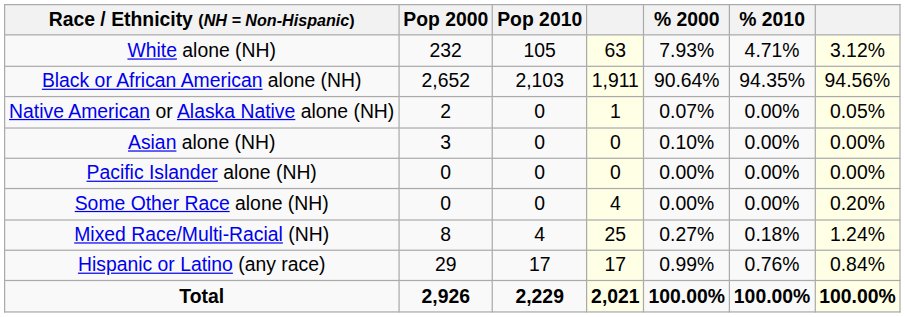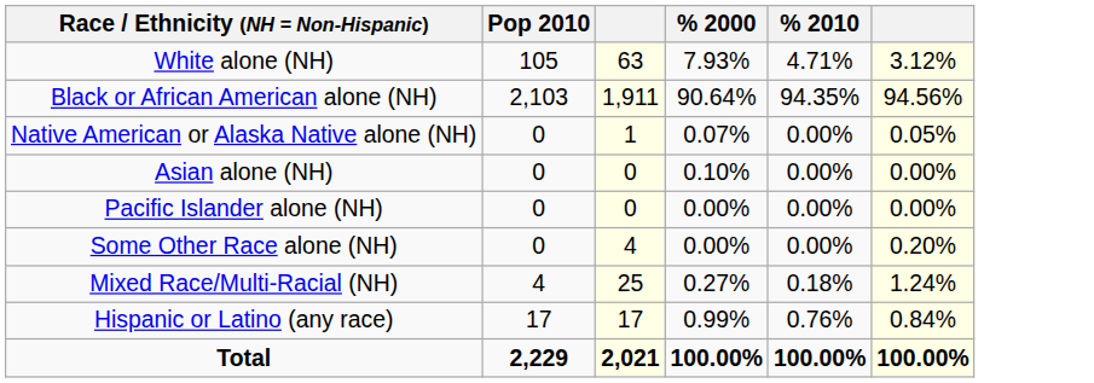 <table class="wikitable" style="text-align:center;">
 <tr>
 <th>Race / Ethnicity <small>(<em>NH = Non-Hispanic</em>)</small></th>
-<th>Pop 2000</th>
 <th>Pop 2010</th>
 <th></th>
 <th>% 2000</th>
 <th>% 2010</th>
 <th></th>
 </tr>
 <tr>
 <td><a href='#'>White</a> alone (NH)</td>
-<td>232</td>
 <td>105</td>
 <td style='background: #ffffe6;'>63</td>
 <td>7.93%</td>
 <td>4.71%</td>
 <td style='background: #ffffe6;'>3.12%</td>
 </tr>
 <tr>
 <td><a href='#'>Black or African American</a> alone (NH)</td>
-<td>2,652</td>
 <td>2,103</td>
 <td style='background: #ffffe6;'>1,911</td>
 <td>90.64%</td>
 <td>94.35%</td>
 <td style='background: #ffffe6;'>94.56%</td>
 </tr>
 <tr>
 <td><a href='#'>Native American</a> or <a href='#'>Alaska Native</a> alone (NH)</td>
-<td>2</td>
 <td>0</td>
 <td style='background: #ffffe6;'>1</td>
 <td>0.07%</td>
 <td>0.00%</td>
 <td style='background: #ffffe6;'>0.05%</td>
 </tr>
 <tr>
 <td><a href='#'>Asian</a> alone (NH)</td>
-<td>3</td>
 <td>0</td>
 <td style='background: #ffffe6;'>0</td>
 <td>0.10%</td>
 <td>0.00%</td>
 <td style='background: #ffffe6;'>0.00%</td>
 </tr>
 <tr>
 <td><a href='#'>Pacific Islander</a> alone (NH)</td>
 <td>0</td>
-<td>0</td>
 <td style='background: #ffffe6;'>0</td>
 <td>0.00%</td>
 <td>0.00%</td>
 <td style='background: #ffffe6;'>0.00%</td>
 </tr>
 <tr>
 <td><a href='#'>Some Other Race</a> alone (NH)</td>
 <td>0</td>
-<td>0</td>
 <td style='background: #ffffe6;'>4</td>
 <td>0.00%</td>
 <td>0.00%</td>
 <td style='background: #ffffe6;'>0.20%</td>
 </tr>
 <tr>
 <td><a href='#'>Mixed Race/Multi-Racial</a> (NH)</td>
-<td>8</td>
 <td>4</td>
 <td style='background: #ffffe6;'>25</td>
 <td>0.27%</td>
 <td>0.18%</td>
 <td style='background: #ffffe6;'>1.24%</td>
 </tr>
 <tr>
 <td><a href='#'>Hispanic or Latino</a> (any race)</td>
-<td>29</td>
 <td>17</td>
 <td style='background: #ffffe6;'>17</td>
 <td>0.99%</td>
 <td>0.76%</td>
 <td style='background: #ffffe6;'>0.84%</td>
 </tr>
 <tr>
 <td><strong>Total</strong></td>
-<td><strong>2,926</strong></td>
 <td><strong>2,229</strong></td>
 <td style='background: #ffffe6;'><strong>2,021</strong></td>
 <td><strong>100.00%</strong></td>
 <td><strong>100.00%</strong></td>
 <td style='background: #ffffe6;'><strong>100.00%</strong></td>
 </tr>
 </table>
